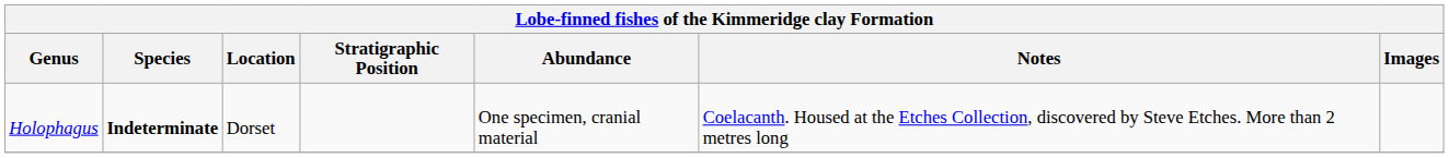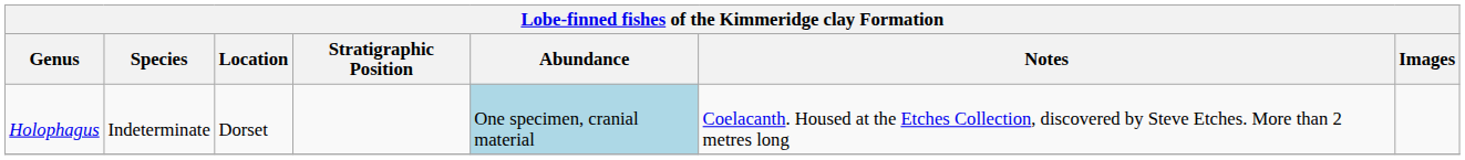 <table class="wikitable"  style="margin:auto; width:100%;">
 <tr>
 <th colspan="7" style="text-align:center;"><strong><a href='#'>Lobe-finned fishes</a> of the Kimmeridge clay Formation</strong></th>
 </tr>
 <tr>
 <th>Genus</th>
 <th>Species</th>
 <th>Location</th>
 <th>Stratigraphic Position</th>
 <th>Abundance</th>
 <th>Notes</th>
 <th>Images</th>
 </tr>
 <tr>
 <td><br><em><a href='#'>Holophagus</a></em></td>
-<td><strong><br>Indeterminate</strong></td>
+<td><br>Indeterminate</td>
 <td><br>Dorset</td>
 <td></td>
-<td><br>One specimen, cranial material</td>
+<td style="background: lightblue;"><br>One specimen, cranial material</td>
 <td><br><a href='#'>Coelacanth</a>. Housed at the <a href='#'>Etches Collection</a>, discovered by Steve Etches. More than 2 metres long</td>
 <td></td>
 </tr>
 <tr>
 </tr>
 </table>
